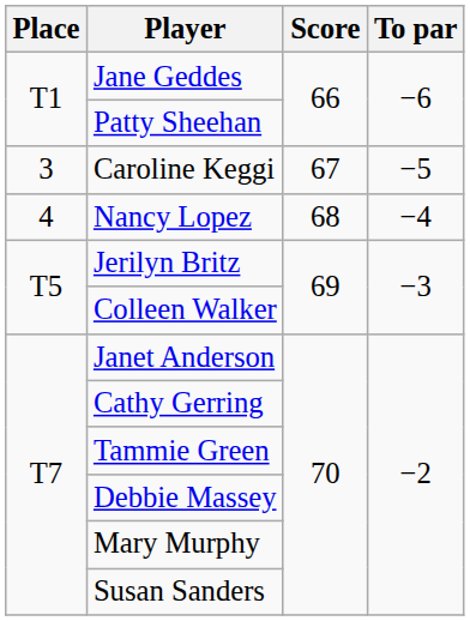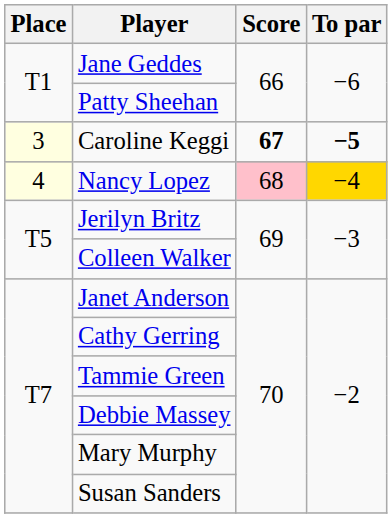 <table class="wikitable">
 <tr>
 <th>Place</th>
 <th>Player</th>
 <th>Score</th>
 <th>To par</th>
 </tr>
 <tr>
 <td align=center rowspan=2>T1</td>
 <td> <a href='#'>Jane Geddes</a></td>
 <td align=center rowspan=2>66</td>
 <td align=center rowspan=2>−6</td>
 </tr>
 <tr>
 <td> <a href='#'>Patty Sheehan</a></td>
 </tr>
 <tr>
-<td align=center>3</td>
+<td align=center style="background: lightyellow;">3</td>
 <td> Caroline Keggi</td>
-<td align=center>67</td>
-<td align=center>−5</td>
+<td align=center><strong>67</strong></td>
+<td align=center><strong>−5</strong></td>
 </tr>
 <tr>
-<td align=center>4</td>
+<td align=center style="background: lightyellow;">4</td>
 <td> <a href='#'>Nancy Lopez</a></td>
-<td align=center>68</td>
-<td align=center>−4</td>
+<td align=center style="background: pink;">68</td>
+<td align=center style="background: gold;">−4</td>
 </tr>
 <tr>
 <td align=center rowspan=2>T5</td>
 <td> <a href='#'>Jerilyn Britz</a></td>
 <td align=center rowspan=2>69</td>
 <td align=center rowspan=2>−3</td>
 </tr>
 <tr>
 <td> <a href='#'>Colleen Walker</a></td>
 </tr>
 <tr>
 <td align=center rowspan=6>T7</td>
 <td> <a href='#'>Janet Anderson</a></td>
 <td align=center rowspan=6>70</td>
 <td align=center rowspan=6>−2</td>
 </tr>
 <tr>
 <td> <a href='#'>Cathy Gerring</a></td>
 </tr>
 <tr>
 <td> <a href='#'>Tammie Green</a></td>
 </tr>
 <tr>
 <td> <a href='#'>Debbie Massey</a></td>
 </tr>
 <tr>
 <td> Mary Murphy</td>
 </tr>
 <tr>
 <td> Susan Sanders</td>
 </tr>
 </table>
